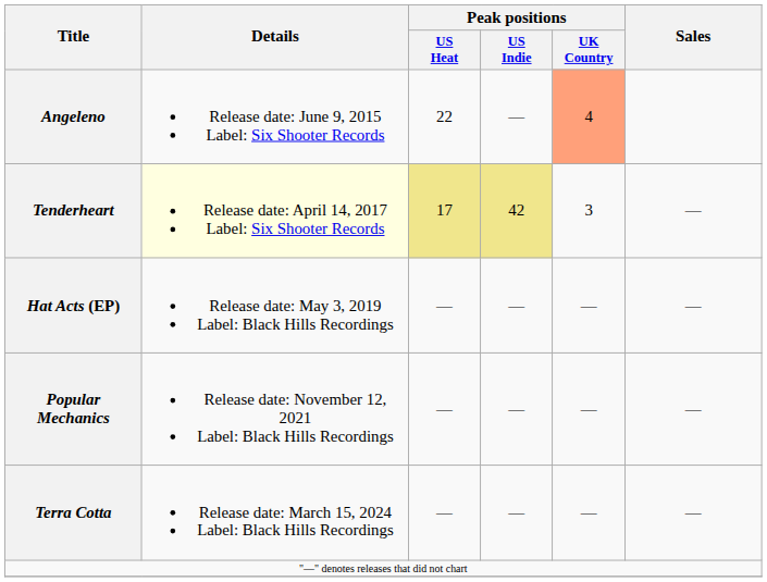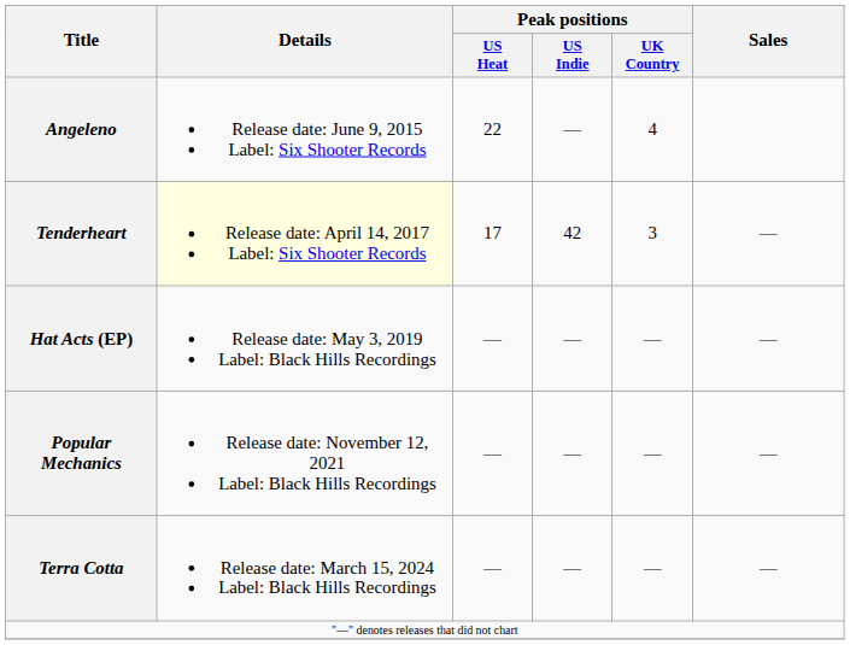 <table class="wikitable plainrowheaders" style="text-align:center;">
 <tr>
 <th rowspan="2" style="width:8em;">Title</th>
 <th rowspan="2" style="width:16em;">Details</th>
 <th colspan="3">Peak positions</th>
 <th rowspan="2" style="width:8em;">Sales</th>
 </tr>
 <tr style="font-size:smaller;">
 <th width="65"><a href='#'>US <br>Heat</a><br></th>
 <th width="65"><a href='#'>US <br>Indie</a><br></th>
 <th width="65"><a href='#'>UK<br>Country</a><br></th>
 </tr>
 <tr>
 <th scope="row"><em>Angeleno</em></th>
 <td><br><ul><li>Release date: June 9, 2015</li><li>Label: <a href='#'>Six Shooter Records</a></li></ul></td>
 <td>22</td>
 <td>—</td>
-<td style="background: lightsalmon;">4</td>
+<td>4</td>
 <td></td>
 </tr>
 <tr>
 <th scope="row"><em>Tenderheart</em></th>
 <td style="background: lightyellow;"><br><ul><li>Release date: April 14, 2017</li><li>Label: <a href='#'>Six Shooter Records</a></li></ul></td>
-<td style="background: khaki;">17</td>
-<td style="background: khaki;">42</td>
+<td>17</td>
+<td>42</td>
 <td>3</td>
 <td>—</td>
 </tr>
 <tr>
 <th scope="row"><em>Hat Acts</em> (EP)</th>
 <td><br><ul><li>Release date: May 3, 2019</li><li>Label: Black Hills Recordings</li></ul></td>
 <td>—</td>
 <td>—</td>
 <td>—</td>
 <td>—</td>
 </tr>
 <tr>
 <th scope="row"><em>Popular Mechanics</em></th>
 <td><br><ul><li>Release date: November 12, 2021</li><li>Label: Black Hills Recordings</li></ul></td>
 <td>—</td>
 <td>—</td>
 <td>—</td>
 <td>—</td>
 </tr>
 <tr>
 <th scope="row"><em>Terra Cotta</em></th>
 <td><br><ul><li>Release date: March 15, 2024</li><li>Label: Black Hills Recordings</li></ul></td>
 <td>—</td>
 <td>—</td>
 <td>—</td>
 <td>—</td>
 </tr>
 <tr>
 <td colspan="7" style="font-size:8pt">"—" denotes releases that did not chart</td>
 </tr>
 <tr>
 </tr>
 </table>
